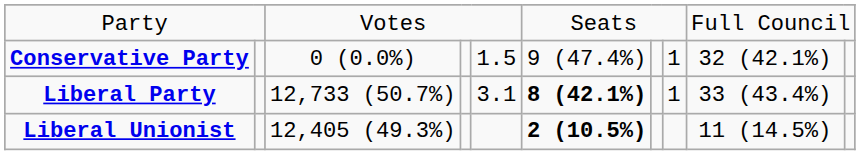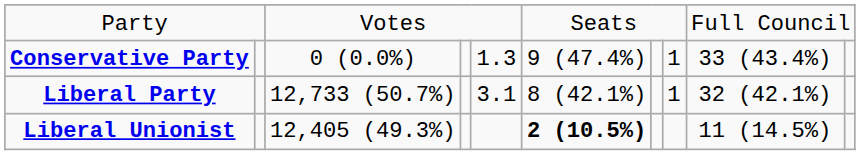 <table class=wikitable style="text-align:center;">
 <tr>
 <td colspan=2>Party</td>
 <td colspan=3>Votes</td>
 <td colspan=3>Seats</td>
 <td colspan=3>Full Council</td>
 </tr>
 <tr>
 <td><strong><a href='#'>Conservative Party</a></strong></td>
 <td style="background:"></td>
 <td>0 (0.0%)</td>
 <td></td>
-<td> 1.5</td>
+<td> 1.3</td>
 <td>9 (47.4%)</td>
 <td></td>
 <td> 1</td>
-<td>32 (42.1%)</td>
+<td>33 (43.4%)</td>
 <td></td>
 </tr>
 <tr>
 <td><strong><a href='#'>Liberal Party</a></strong></td>
 <td style="background:"></td>
 <td>12,733 (50.7%)</td>
 <td></td>
 <td> 3.1</td>
-<td><strong>8 (42.1%)</strong></td>
+<td>8 (42.1%)</td>
 <td></td>
 <td> 1</td>
-<td>33 (43.4%)</td>
+<td>32 (42.1%)</td>
 <td></td>
 </tr>
 <tr>
 <td><strong><a href='#'>Liberal Unionist</a></strong></td>
 <td style="background:"></td>
 <td>12,405 (49.3%)</td>
 <td></td>
 <td></td>
 <td><strong>2 (10.5%)</strong></td>
 <td></td>
 <td></td>
 <td>11 (14.5%)</td>
 <td></td>
 </tr>
 </table>
